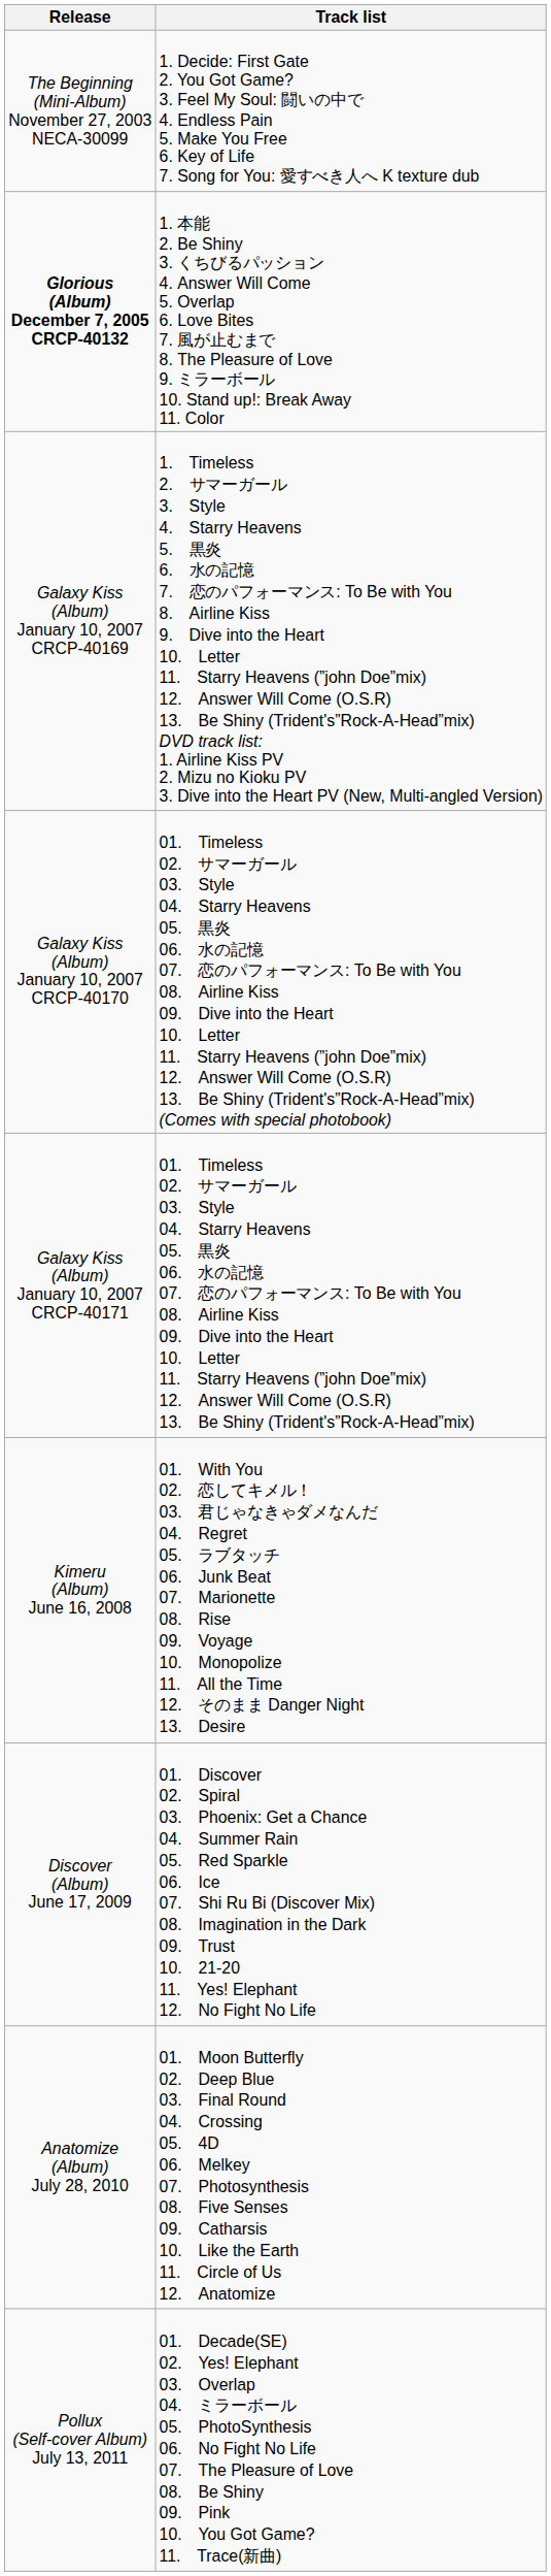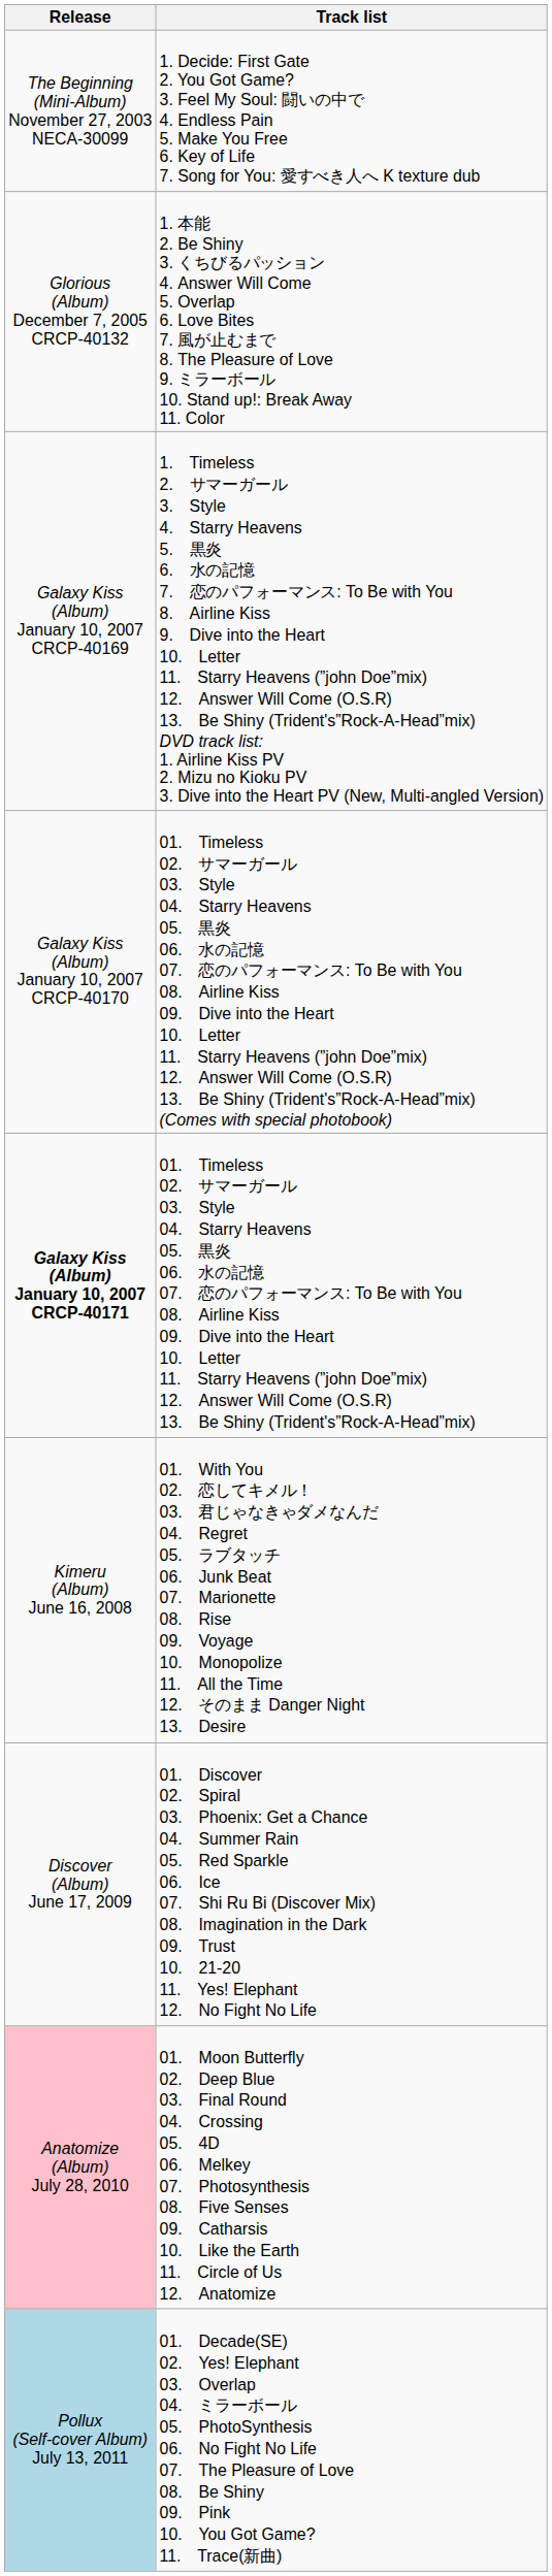 <table class="wikitable">
 <tr>
 <th>Release</th>
 <th>Track list</th>
 </tr>
 <tr>
 <td align="center"><em>The Beginning</em><br><em>(Mini-Album)</em><br> November 27, 2003<br> NECA-30099</td>
 <td align="left"><br>1. Decide: First Gate <br> 2. You Got Game? <br> 3. Feel My Soul: 闘いの中で <br> 4. Endless Pain <br> 5. Make You Free <br> 6. Key of Life <br> 7. Song for You: 愛すべき人へ K texture dub</td>
 </tr>
 <tr>
-<td align="center"><strong><em>Glorious</em><br><em>(Album)</em><br> December 7, 2005<br> CRCP-40132</strong></td>
+<td align="center"><em>Glorious</em><br><em>(Album)</em><br> December 7, 2005<br> CRCP-40132</td>
 <td align="left"><br>1. 本能 <br> 2. Be Shiny <br> 3. くちびるパッション <br> 4. Answer Will Come <br> 5. Overlap <br> 6. Love Bites <br> 7. 風が止むまで <br> 8. The Pleasure of Love <br> 9. ミラーボール <br> 10. Stand up!: Break Away <br> 11. Color</td>
 </tr>
 <tr>
 <td align="center"><em>Galaxy Kiss</em><br><em>(Album)</em><br> January 10, 2007<br> CRCP-40169</td>
 <td align="left"><br>1.　Timeless <br> 2.　サマーガール<br> 3.　Style <br> 4.　Starry Heavens <br> 5.　黒炎<br> 6.　水の記憶<br> 7.　恋のパフォーマンス: To Be with You<br> 8.　Airline Kiss <br> 9.　Dive into the Heart <br> 10.　Letter <br> 11.　Starry Heavens (”john Doe”mix) <br> 12.　Answer Will Come (O.S.R) <br> 13.　Be Shiny (Trident's”Rock-A-Head”mix) <br> <em>DVD track list:</em> <br> 1. Airline Kiss PV <br> 2. Mizu no Kioku PV <br> 3. Dive into the Heart PV (New, Multi-angled Version)</td>
 </tr>
 <tr>
 <td align="center"><em>Galaxy Kiss</em><br><em>(Album)</em><br> January 10, 2007<br> CRCP-40170</td>
 <td align="left"><br>01.　Timeless <br> 02.　サマーガール<br> 03.　Style <br> 04.　Starry Heavens <br> 05.　黒炎<br> 06.　水の記憶<br> 07.　恋のパフォーマンス: To Be with You<br> 08.　Airline Kiss <br> 09.　Dive into the Heart <br> 10.　Letter <br> 11.　Starry Heavens (”john Doe”mix) <br> 12.　Answer Will Come (O.S.R) <br> 13.　Be Shiny (Trident's”Rock-A-Head”mix) <br> <em>(Comes with special photobook)</em></td>
 </tr>
 <tr>
-<td align="center"><em>Galaxy Kiss</em><br><em>(Album)</em><br> January 10, 2007<br> CRCP-40171</td>
+<td align="center"><strong><em>Galaxy Kiss</em><br><em>(Album)</em><br> January 10, 2007<br> CRCP-40171</strong></td>
 <td align="left"><br>01.　Timeless <br> 02.　サマーガール<br> 03.　Style <br> 04.　Starry Heavens <br> 05.　黒炎<br> 06.　水の記憶<br> 07.　恋のパフォーマンス: To Be with You<br> 08.　Airline Kiss <br> 09.　Dive into the Heart <br> 10.　Letter <br> 11.　Starry Heavens (”john Doe”mix) <br> 12.　Answer Will Come (O.S.R) <br> 13.　Be Shiny (Trident's”Rock-A-Head”mix)</td>
 </tr>
 <tr>
 <td align="center"><em>Kimeru</em><br><em>(Album)</em><br> June 16, 2008<br></td>
 <td align="left"><br>01.　With You <br> 02.　恋してキメル！<br> 03.　君じゃなきゃダメなんだ <br> 04.　Regret <br> 05.　ラブタッチ<br> 06.　Junk Beat<br> 07.　Marionette <br> 08.　Rise <br> 09.　Voyage <br> 10.　Monopolize <br> 11.　All the Time <br> 12.　そのまま Danger Night<br> 13.　Desire</td>
 </tr>
 <tr>
 <td align="center"><em>Discover</em><br><em>(Album)</em><br> June 17, 2009<br></td>
 <td align="left"><br>01.　Discover <br> 02.　Spiral<br> 03.　Phoenix: Get a Chance <br> 04.　Summer Rain <br> 05.　Red Sparkle <br> 06.　Ice<br> 07.　Shi Ru Bi (Discover Mix)<br> 08.　Imagination in the Dark<br> 09.　Trust<br> 10.　21-20<br> 11.　Yes! Elephant<br> 12.　No Fight No Life</td>
 </tr>
 <tr>
-<td align="center"><em>Anatomize</em><br><em>(Album)</em><br> July 28, 2010<br></td>
+<td align="center" style="background: pink;"><em>Anatomize</em><br><em>(Album)</em><br> July 28, 2010<br></td>
 <td align="left"><br>01.　Moon Butterfly <br> 02.　Deep Blue <br> 03.　Final Round <br> 04.　Crossing <br> 05.　4D <br> 06.　Melkey <br> 07.　Photosynthesis <br> 08.　Five Senses <br> 09.　Catharsis <br> 10.　Like the Earth <br> 11.　Circle of Us<br> 12.　Anatomize</td>
 </tr>
 <tr>
-<td align="center"><em>Pollux</em><br><em>(Self-cover Album)</em><br> July 13, 2011<br></td>
+<td align="center" style="background: lightblue;"><em>Pollux</em><br><em>(Self-cover Album)</em><br> July 13, 2011<br></td>
 <td align="left"><br>01.　Decade(SE) <br> 02.　Yes! Elephant <br> 03.　Overlap <br> 04.　ミラーボール <br> 05.　PhotoSynthesis <br> 06.　No Fight No Life <br> 07.　The Pleasure of Love <br> 08.　Be Shiny <br> 09.　Pink <br> 10.　You Got Game? <br> 11.　Trace(新曲)<br></td>
 </tr>
 </table>
